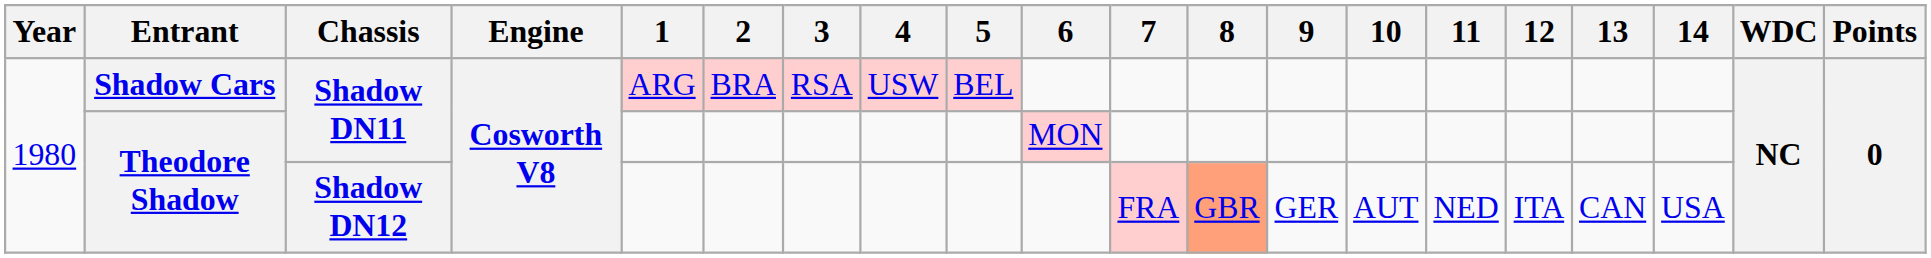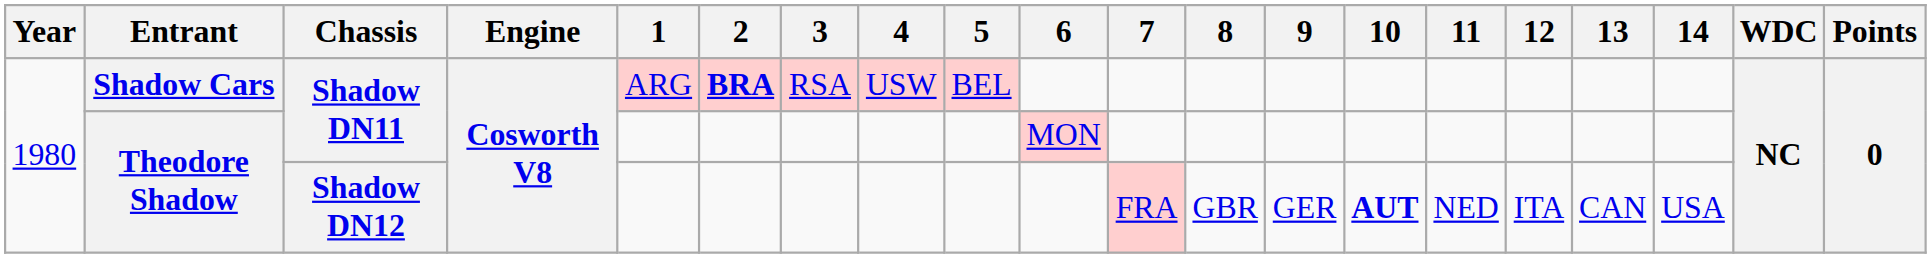 <table class="wikitable" style="text-align:center; font-size:90%">
 <tr>
 <th>Year</th>
 <th>Entrant</th>
 <th>Chassis</th>
 <th>Engine</th>
 <th>1</th>
 <th>2</th>
 <th>3</th>
 <th>4</th>
 <th>5</th>
 <th>6</th>
 <th>7</th>
 <th>8</th>
 <th>9</th>
 <th>10</th>
 <th>11</th>
 <th>12</th>
 <th>13</th>
 <th>14</th>
 <th>WDC</th>
 <th>Points</th>
 </tr>
 <tr>
 <td rowspan=3><a href='#'>1980</a></td>
 <th><a href='#'>Shadow Cars</a></th>
 <th rowspan=2><a href='#'>Shadow</a>  <a href='#'>DN11</a></th>
 <th rowspan=3><a href='#'>Cosworth</a> <a href='#'>V8</a></th>
 <td style="background:#FFCFCF;"><a href='#'>ARG</a><br></td>
-<td style="background:#FFCFCF;"><a href='#'>BRA</a><br></td>
+<td style="background:#FFCFCF;"><strong><a href='#'>BRA</a><br></strong></td>
 <td style="background:#FFCFCF;"><a href='#'>RSA</a><br></td>
 <td style="background:#FFCFCF;"><a href='#'>USW</a><br></td>
 <td style="background:#FFCFCF;"><a href='#'>BEL</a><br></td>
 <td></td>
 <td></td>
 <td></td>
 <td></td>
 <td></td>
 <td></td>
 <td></td>
 <td></td>
 <td></td>
 <th rowspan=3>NC</th>
 <th rowspan=3>0</th>
 </tr>
 <tr>
 <th rowspan=2><a href='#'>Theodore Shadow</a></th>
 <td></td>
 <td></td>
 <td></td>
 <td></td>
 <td></td>
 <td style="background:#FFCFCF;"><a href='#'>MON</a><br></td>
 <td></td>
 <td></td>
 <td></td>
 <td></td>
 <td></td>
 <td></td>
 <td></td>
 <td></td>
 </tr>
 <tr>
 <th><a href='#'>Shadow</a>  <a href='#'>DN12</a></th>
 <td></td>
 <td></td>
 <td></td>
 <td></td>
 <td></td>
 <td></td>
 <td style="background:#FFCFCF;"><a href='#'>FRA</a><br></td>
-<td style="background: lightsalmon;"><a href='#'>GBR</a></td>
+<td><a href='#'>GBR</a></td>
 <td><a href='#'>GER</a></td>
-<td><a href='#'>AUT</a></td>
+<td><strong><a href='#'>AUT</a></strong></td>
 <td><a href='#'>NED</a></td>
 <td><a href='#'>ITA</a></td>
 <td><a href='#'>CAN</a></td>
 <td><a href='#'>USA</a></td>
 </tr>
 </table>
